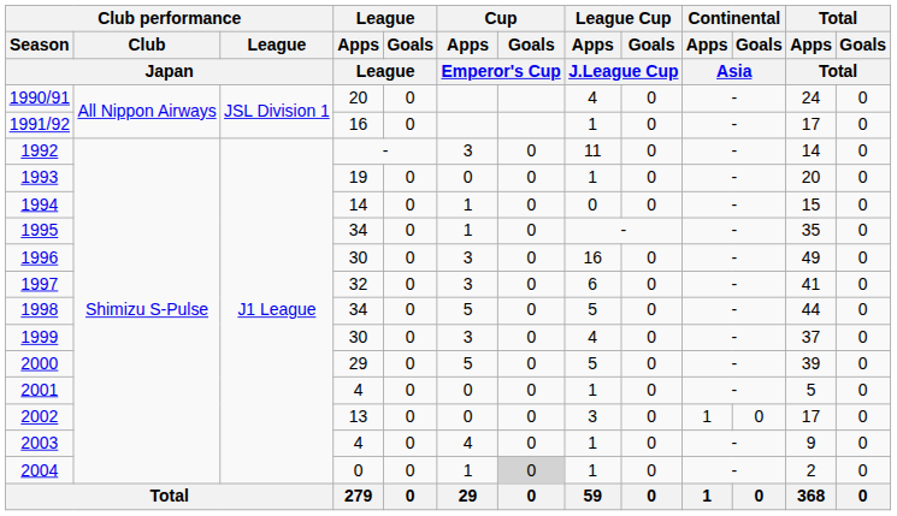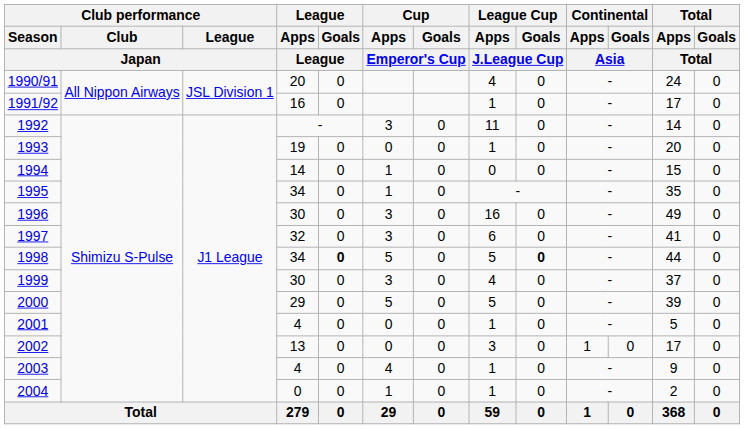 <table class="wikitable" style="text-align:center;">
 <tr>
 <th colspan=3>Club performance</th>
 <th colspan=2>League</th>
 <th colspan=2>Cup</th>
 <th colspan=2>League Cup</th>
 <th colspan=2>Continental</th>
 <th colspan=2>Total</th>
 </tr>
 <tr>
 <th>Season</th>
 <th>Club</th>
 <th>League</th>
 <th>Apps</th>
 <th>Goals</th>
 <th>Apps</th>
 <th>Goals</th>
 <th>Apps</th>
 <th>Goals</th>
 <th>Apps</th>
 <th>Goals</th>
 <th>Apps</th>
 <th>Goals</th>
 </tr>
 <tr>
 <th colspan=3>Japan</th>
 <th colspan=2>League</th>
 <th colspan=2><a href='#'>Emperor's Cup</a></th>
 <th colspan=2><a href='#'>J.League Cup</a></th>
 <th colspan=2><a href='#'>Asia</a></th>
 <th colspan=2>Total</th>
 </tr>
 <tr>
 <td><a href='#'>1990/91</a></td>
 <td rowspan="2"><a href='#'>All Nippon Airways</a></td>
 <td rowspan="2"><a href='#'>JSL Division 1</a></td>
 <td>20</td>
 <td>0</td>
 <td></td>
 <td></td>
 <td>4</td>
 <td>0</td>
 <td colspan="2">-</td>
 <td>24</td>
 <td>0</td>
 </tr>
 <tr>
 <td><a href='#'>1991/92</a></td>
 <td>16</td>
 <td>0</td>
 <td></td>
 <td></td>
 <td>1</td>
 <td>0</td>
 <td colspan="2">-</td>
 <td>17</td>
 <td>0</td>
 </tr>
 <tr>
 <td><a href='#'>1992</a></td>
 <td rowspan="13"><a href='#'>Shimizu S-Pulse</a></td>
 <td rowspan="13"><a href='#'>J1 League</a></td>
 <td colspan="2">-</td>
 <td>3</td>
 <td>0</td>
 <td>11</td>
 <td>0</td>
 <td colspan="2">-</td>
 <td>14</td>
 <td>0</td>
 </tr>
 <tr>
 <td><a href='#'>1993</a></td>
 <td>19</td>
 <td>0</td>
 <td>0</td>
 <td>0</td>
 <td>1</td>
 <td>0</td>
 <td colspan="2">-</td>
 <td>20</td>
 <td>0</td>
 </tr>
 <tr>
 <td><a href='#'>1994</a></td>
 <td>14</td>
 <td>0</td>
 <td>1</td>
 <td>0</td>
 <td>0</td>
 <td>0</td>
 <td colspan="2">-</td>
 <td>15</td>
 <td>0</td>
 </tr>
 <tr>
 <td><a href='#'>1995</a></td>
 <td>34</td>
 <td>0</td>
 <td>1</td>
 <td>0</td>
 <td colspan="2">-</td>
 <td colspan="2">-</td>
 <td>35</td>
 <td>0</td>
 </tr>
 <tr>
 <td><a href='#'>1996</a></td>
 <td>30</td>
 <td>0</td>
 <td>3</td>
 <td>0</td>
 <td>16</td>
 <td>0</td>
 <td colspan="2">-</td>
 <td>49</td>
 <td>0</td>
 </tr>
 <tr>
 <td><a href='#'>1997</a></td>
 <td>32</td>
 <td>0</td>
 <td>3</td>
 <td>0</td>
 <td>6</td>
 <td>0</td>
 <td colspan="2">-</td>
 <td>41</td>
 <td>0</td>
 </tr>
 <tr>
 <td><a href='#'>1998</a></td>
 <td>34</td>
-<td>0</td>
+<td><strong>0</strong></td>
 <td>5</td>
 <td>0</td>
 <td>5</td>
-<td>0</td>
+<td><strong>0</strong></td>
 <td colspan="2">-</td>
 <td>44</td>
 <td>0</td>
 </tr>
 <tr>
 <td><a href='#'>1999</a></td>
 <td>30</td>
 <td>0</td>
 <td>3</td>
 <td>0</td>
 <td>4</td>
 <td>0</td>
 <td colspan="2">-</td>
 <td>37</td>
 <td>0</td>
 </tr>
 <tr>
 <td><a href='#'>2000</a></td>
 <td>29</td>
 <td>0</td>
 <td>5</td>
 <td>0</td>
 <td>5</td>
 <td>0</td>
 <td colspan="2">-</td>
 <td>39</td>
 <td>0</td>
 </tr>
 <tr>
 <td><a href='#'>2001</a></td>
 <td>4</td>
 <td>0</td>
 <td>0</td>
 <td>0</td>
 <td>1</td>
 <td>0</td>
 <td colspan="2">-</td>
 <td>5</td>
 <td>0</td>
 </tr>
 <tr>
 <td><a href='#'>2002</a></td>
 <td>13</td>
 <td>0</td>
 <td>0</td>
 <td>0</td>
 <td>3</td>
 <td>0</td>
 <td>1</td>
 <td>0</td>
 <td>17</td>
 <td>0</td>
 </tr>
 <tr>
 <td><a href='#'>2003</a></td>
 <td>4</td>
 <td>0</td>
 <td>4</td>
 <td>0</td>
 <td>1</td>
 <td>0</td>
 <td colspan="2">-</td>
 <td>9</td>
 <td>0</td>
 </tr>
 <tr>
 <td><a href='#'>2004</a></td>
 <td>0</td>
 <td>0</td>
 <td>1</td>
-<td style="background: lightgrey;">0</td>
+<td>0</td>
 <td>1</td>
 <td>0</td>
 <td colspan="2">-</td>
 <td>2</td>
 <td>0</td>
 </tr>
 <tr>
 <th colspan=3>Total</th>
 <th>279</th>
 <th>0</th>
 <th>29</th>
 <th>0</th>
 <th>59</th>
 <th>0</th>
 <th>1</th>
 <th>0</th>
 <th>368</th>
 <th>0</th>
 </tr>
 </table>
